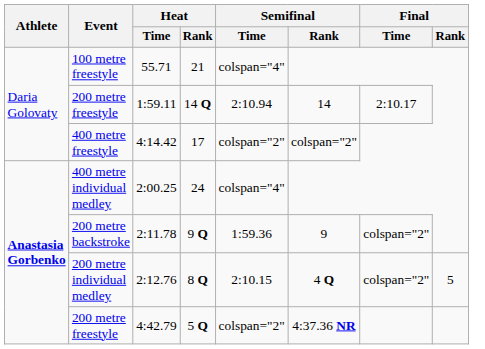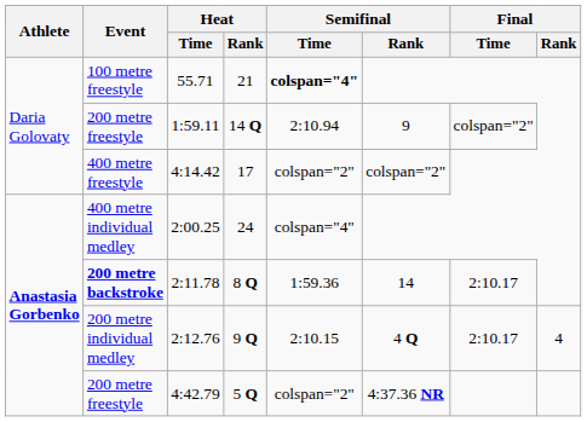 <table class="wikitable" style="text-align:center; font-size:90%; width:50%;">
 <tr>
 <th rowspan="2">Athlete</th>
 <th rowspan="2">Event</th>
 <th colspan="2">Heat</th>
 <th colspan="2">Semifinal</th>
 <th colspan="2">Final</th>
 </tr>
 <tr style="font-size:95%">
 <th>Time</th>
 <th>Rank</th>
 <th>Time</th>
 <th>Rank</th>
 <th>Time</th>
 <th>Rank</th>
 </tr>
 <tr align=center>
 <td align=left rowspan="3"><a href='#'>Daria Golovaty</a></td>
 <td align=left><a href='#'>100 metre freestyle</a></td>
 <td>55.71</td>
 <td>21</td>
-<td>colspan="4" </td>
+<td><strong>colspan="4" </strong></td>
 </tr>
 <tr align=center>
 <td align=left><a href='#'>200 metre freestyle</a></td>
 <td>1:59.11</td>
 <td>14 <strong>Q</strong></td>
 <td>2:10.94</td>
-<td>14</td>
-<td>2:10.17</td>
+<td>9</td>
+<td>colspan="2" </td>
 </tr>
 <tr align=center>
 <td align=left><a href='#'>400 metre freestyle</a></td>
 <td>4:14.42</td>
 <td>17</td>
 <td>colspan="2" </td>
 <td>colspan="2" </td>
 </tr>
 <tr align=center>
 <td align=left rowspan="4"><strong><a href='#'>Anastasia Gorbenko</a></strong></td>
 <td align=left><a href='#'>400 metre individual medley</a></td>
 <td>2:00.25</td>
 <td>24</td>
 <td>colspan="4" </td>
 </tr>
 <tr align=center>
-<td align=left><a href='#'>200 metre backstroke</a></td>
+<td align=left><strong><a href='#'>200 metre backstroke</a></strong></td>
 <td>2:11.78</td>
-<td>9 <strong>Q</strong></td>
+<td>8 <strong>Q</strong></td>
 <td>1:59.36</td>
-<td>9</td>
-<td>colspan="2" </td>
+<td>14</td>
+<td>2:10.17</td>
 </tr>
 <tr align=center>
 <td align=left><a href='#'>200 metre individual medley</a></td>
 <td>2:12.76</td>
-<td>8 <strong>Q</strong></td>
+<td>9 <strong>Q</strong></td>
 <td>2:10.15</td>
 <td>4 <strong>Q</strong></td>
-<td>colspan="2" </td>
-<td>5</td>
+<td>2:10.17</td>
+<td>4</td>
 </tr>
 <tr>
 <td align=left><a href='#'>200 metre freestyle</a></td>
 <td>4:42.79<em></td>
 <td>5 <strong>Q</strong></td>
 <td>colspan="2" </td>
 <td>4:37.36 <strong><a href='#'>NR</a></strong></td>
 <td></td>
 </tr>
 </table>
